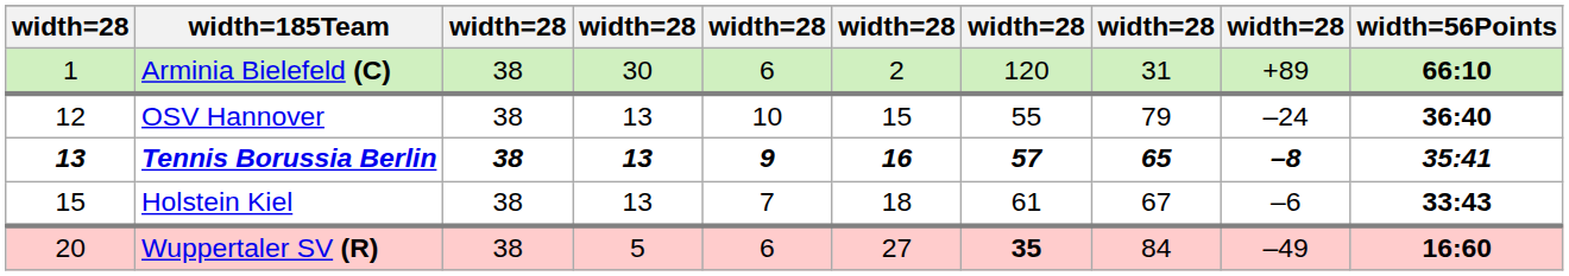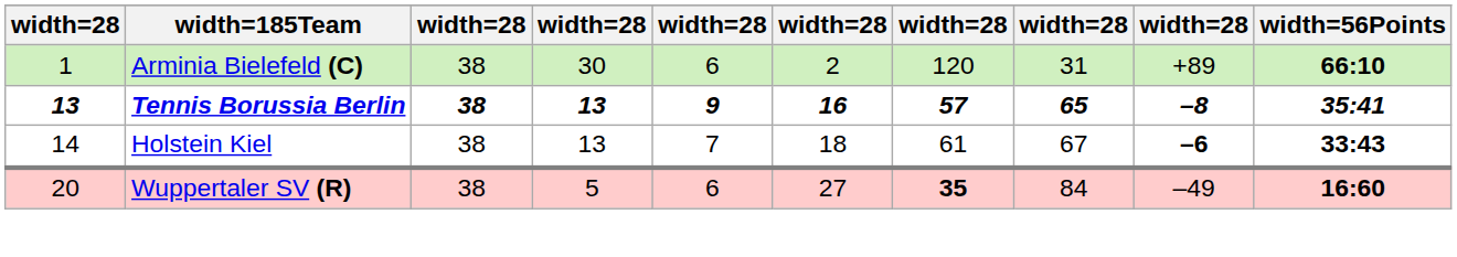 <table class="wikitable">
 <tr align="center" bgcolor="dfdfdf">
 </tr>
 <tr>
 <th>width=28<br></th>
 <th>width=185Team<br></th>
 <th>width=28<br></th>
 <th>width=28<br></th>
 <th>width=28<br></th>
 <th>width=28<br></th>
 <th>width=28<br></th>
 <th>width=28<br></th>
 <th>width=28<br></th>
 <th>width=56Points<br></th>
 </tr>
 <tr align="center" valign="top" bgcolor="D0F0C0">
 <td>1</td>
 <td align="left"><a href='#'>Arminia Bielefeld</a> <strong>(C)</strong></td>
 <td>38</td>
 <td>30</td>
 <td>6</td>
 <td>2</td>
 <td>120</td>
 <td>31</td>
 <td>+89</td>
 <td><strong>66:10</strong></td>
 </tr>
-<tr align="center" valign="top" bgcolor="#ffffff" style="border-top:3px solid grey;">
-<td>12</td>
-<td align="left"><a href='#'>OSV Hannover</a></td>
-<td>38</td>
-<td>13</td>
-<td>10</td>
-<td>15</td>
-<td>55</td>
-<td>79</td>
-<td>–24</td>
-<td><strong>36:40</strong></td>
-</tr>
 <tr align="center" valign="top" bgcolor="#ffffff">
 <td><strong><em>13</em></strong></td>
 <td align="left"><strong><em><a href='#'>Tennis Borussia Berlin</a></em></strong></td>
 <td><strong><em>38</em></strong></td>
 <td><strong><em>13</em></strong></td>
 <td><strong><em>9</em></strong></td>
 <td><strong><em>16</em></strong></td>
 <td><strong><em>57</em></strong></td>
 <td><strong><em>65</em></strong></td>
 <td><strong><em>–8</em></strong></td>
 <td><strong><em>35:41</em></strong></td>
 </tr>
 <tr align="center" valign="top" bgcolor="#ffffff">
-<td>15</td>
+<td>14</td>
 <td align="left"><a href='#'>Holstein Kiel</a></td>
 <td>38</td>
 <td>13</td>
 <td>7</td>
 <td>18</td>
 <td>61</td>
 <td>67</td>
-<td>–6</td>
+<td><strong>–6</strong></td>
 <td><strong>33:43</strong></td>
 </tr>
 <tr align="center" valign="top" bgcolor="#FFCCCC" style="border-top:3px solid grey;">
 <td>20</td>
 <td align="left"><a href='#'>Wuppertaler SV</a> <strong>(R)</strong></td>
 <td>38</td>
 <td>5</td>
 <td>6</td>
 <td>27</td>
 <td><strong>35</strong></td>
 <td>84</td>
 <td>–49</td>
 <td><strong>16:60</strong></td>
 </tr>
 </table>
